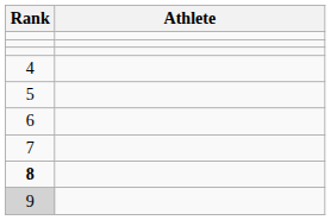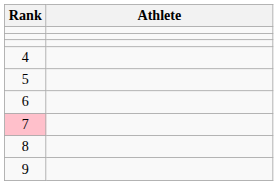 <table class="wikitable" style="text-align: center;">
 <tr>
 <th width=40>Rank</th>
 <th width=250>Athlete</th>
 </tr>
 <tr>
 <td></td>
 <td align="left"></td>
 </tr>
 <tr>
 <td></td>
 <td align="left"></td>
 </tr>
 <tr>
 <td></td>
 <td align="left"></td>
 </tr>
 <tr>
 <td>4</td>
 <td align="left"></td>
 </tr>
 <tr>
 <td>5</td>
 <td align="left"></td>
 </tr>
 <tr>
 <td>6</td>
 <td align="left"></td>
 </tr>
 <tr>
-<td>7</td>
+<td style="background: pink;">7</td>
 <td align="left"></td>
 </tr>
 <tr>
-<td><strong>8</strong></td>
+<td>8</td>
 <td align="left"></td>
 </tr>
 <tr>
-<td style="background: lightgrey;">9</td>
+<td>9</td>
 <td align="left"></td>
 </tr>
 </table>
